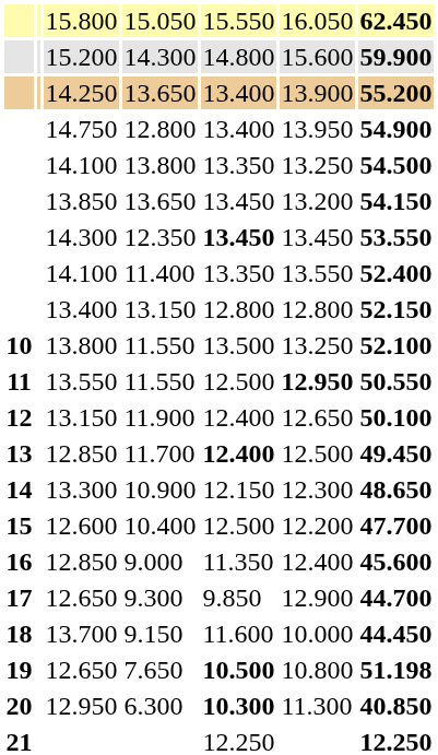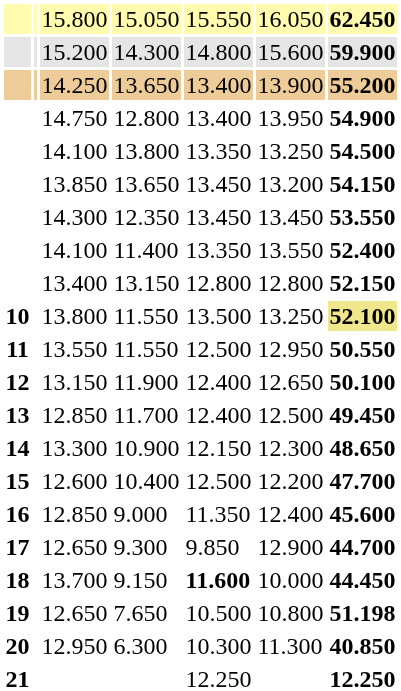 <table>
 <tr style="background:#fffcaf;">
 <th scope=row style="text-align:center"></th>
 <td align=left></td>
 <td>15.800</td>
 <td>15.050</td>
 <td>15.550</td>
 <td>16.050</td>
 <td><strong>62.450</strong></td>
 </tr>
 <tr style="background:#e5e5e5;">
 <th scope=row style="text-align:center"></th>
 <td align=left></td>
 <td>15.200</td>
 <td>14.300</td>
 <td>14.800</td>
 <td>15.600</td>
 <td><strong>59.900</strong></td>
 </tr>
 <tr style="background:#ec9;">
 <th scope=row style="text-align:center"></th>
 <td align=left></td>
 <td>14.250</td>
 <td>13.650</td>
 <td>13.400</td>
 <td>13.900</td>
 <td><strong>55.200</strong></td>
 </tr>
 <tr>
 <th scope=row style="text-align:center"></th>
 <td align=left></td>
 <td>14.750</td>
 <td>12.800</td>
 <td>13.400</td>
 <td>13.950</td>
 <td><strong>54.900</strong></td>
 </tr>
 <tr>
 <th scope=row style="text-align:center"></th>
 <td align=left></td>
 <td>14.100</td>
 <td>13.800</td>
 <td>13.350</td>
 <td>13.250</td>
 <td><strong>54.500</strong></td>
 </tr>
 <tr>
 <th scope=row style="text-align:center"></th>
 <td align=left></td>
 <td>13.850</td>
 <td>13.650</td>
 <td>13.450</td>
 <td>13.200</td>
 <td><strong>54.150</strong></td>
 </tr>
 <tr>
 <th scope=row style="text-align:center"></th>
 <td align=left></td>
 <td>14.300</td>
 <td>12.350</td>
-<td><strong>13.450</strong></td>
+<td>13.450</td>
 <td>13.450</td>
 <td><strong>53.550</strong></td>
 </tr>
 <tr>
 <th scope=row style="text-align:center"></th>
 <td align=left></td>
 <td>14.100</td>
 <td>11.400</td>
 <td>13.350</td>
 <td>13.550</td>
 <td><strong>52.400</strong></td>
 </tr>
 <tr>
 <th scope=row style="text-align:center"></th>
 <td align=left></td>
 <td>13.400</td>
 <td>13.150</td>
 <td>12.800</td>
 <td>12.800</td>
 <td><strong>52.150</strong></td>
 </tr>
 <tr>
 <th scope=row style="text-align:center">10</th>
 <td align=left></td>
 <td>13.800</td>
 <td>11.550</td>
 <td>13.500</td>
 <td>13.250</td>
-<td><strong>52.100</strong></td>
+<td style="background: khaki;"><strong>52.100</strong></td>
 </tr>
 <tr>
 <th scope=row style="text-align:center">11</th>
 <td align=left></td>
 <td>13.550</td>
 <td>11.550</td>
 <td>12.500</td>
-<td><strong>12.950</strong></td>
+<td>12.950</td>
 <td><strong>50.550</strong></td>
 </tr>
 <tr>
 <th scope=row style="text-align:center">12</th>
 <td align=left></td>
 <td>13.150</td>
 <td>11.900</td>
 <td>12.400</td>
 <td>12.650</td>
 <td><strong>50.100</strong></td>
 </tr>
 <tr>
 <th scope=row style="text-align:center">13</th>
 <td align=left></td>
 <td>12.850</td>
 <td>11.700</td>
-<td><strong>12.400</strong></td>
+<td>12.400</td>
 <td>12.500</td>
 <td><strong>49.450</strong></td>
 </tr>
 <tr>
 <th scope=row style="text-align:center">14</th>
 <td align=left></td>
 <td>13.300</td>
 <td>10.900</td>
 <td>12.150</td>
 <td>12.300</td>
 <td><strong>48.650</strong></td>
 </tr>
 <tr>
 <th scope=row style="text-align:center">15</th>
 <td align=left></td>
 <td>12.600</td>
 <td>10.400</td>
 <td>12.500</td>
 <td>12.200</td>
 <td><strong>47.700</strong></td>
 </tr>
 <tr>
 <th scope=row style="text-align:center">16</th>
 <td align=left></td>
 <td>12.850</td>
 <td>9.000</td>
 <td>11.350</td>
 <td>12.400</td>
 <td><strong>45.600</strong></td>
 </tr>
 <tr>
 <th scope=row style="text-align:center">17</th>
 <td align=left></td>
 <td>12.650</td>
 <td>9.300</td>
 <td>9.850</td>
 <td>12.900</td>
 <td><strong>44.700</strong></td>
 </tr>
 <tr>
 <th scope=row style="text-align:center">18</th>
 <td align=left></td>
 <td>13.700</td>
 <td>9.150</td>
-<td>11.600</td>
+<td><strong>11.600</strong></td>
 <td>10.000</td>
 <td><strong>44.450</strong></td>
 </tr>
 <tr>
 <th scope=row style="text-align:center">19</th>
 <td align=left></td>
 <td>12.650</td>
 <td>7.650</td>
-<td><strong>10.500</strong></td>
+<td>10.500</td>
 <td>10.800</td>
 <td><strong>51.198</strong></td>
 </tr>
 <tr>
 <th scope=row style="text-align:center">20</th>
 <td align=left></td>
 <td>12.950</td>
 <td>6.300</td>
-<td><strong>10.300</strong></td>
+<td>10.300</td>
 <td>11.300</td>
 <td><strong>40.850</strong></td>
 </tr>
 <tr>
 <th scope=row style="text-align:center">21</th>
 <td align=left></td>
 <td></td>
 <td></td>
 <td>12.250</td>
 <td></td>
 <td><strong>12.250</strong></td>
 </tr>
 <tr>
 </tr>
 </table>
